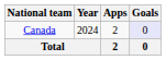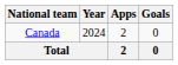 <table class="wikitable" style="text-align:center">
 <tr>
 <th>National team</th>
 <th>Year</th>
 <th>Apps</th>
 <th>Goals</th>
 </tr>
 <tr>
 <td rowspan="1"><a href='#'>Canada</a></td>
 <td>2024</td>
 <td>2</td>
-<td style="background: lavender;">0</td>
+<td>0</td>
 </tr>
 <tr>
 <th colspan="2">Total</th>
 <th>2</th>
 <th>0</th>
 </tr>
 </table>
